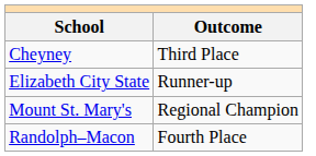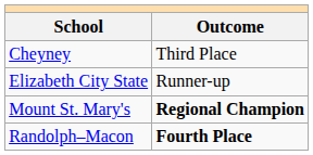 <table class="wikitable" style="float:left; margin-right:1em;">
 <tr>
 <th colspan="3" style="background:#ffdead;"></th>
 </tr>
 <tr>
 <th>School</th>
 <th>Outcome</th>
 </tr>
 <tr>
 <td><a href='#'>Cheyney</a></td>
 <td>Third Place</td>
 </tr>
 <tr>
 <td><a href='#'>Elizabeth City State</a></td>
 <td>Runner-up</td>
 </tr>
 <tr>
 <td><a href='#'>Mount St. Mary's</a></td>
-<td>Regional Champion</td>
+<td><strong>Regional Champion</strong></td>
 </tr>
 <tr>
 <td><a href='#'>Randolph–Macon</a></td>
-<td>Fourth Place</td>
+<td><strong>Fourth Place</strong></td>
 </tr>
 </table>
